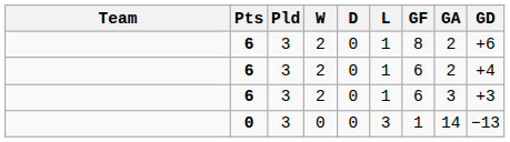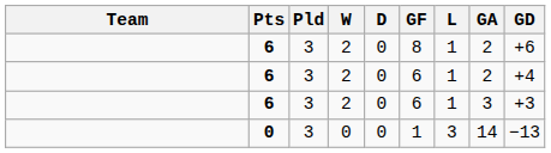 <table class="wikitable" style="text-align:center;">
 <tr>
 <th width=175>Team</th>
 <th width=20 abbr="Points">Pts</th>
 <th width=20 abbr="Played">Pld</th>
 <th width=20 abbr="Won">W</th>
 <th width=20 abbr="Drawn">D</th>
+<th width=20 abbr="Goals for">GF</th>
 <th width=20 abbr="Lost">L</th>
-<th width=20 abbr="Goals for">GF</th>
 <th width=20 abbr="Goals against">GA</th>
 <th width=20 abbr="Goal difference">GD</th>
 </tr>
 <tr>
 <td style="text-align:left;"></td>
 <td><strong>6</strong></td>
 <td>3</td>
 <td>2</td>
 <td>0</td>
+<td>8</td>
 <td>1</td>
-<td>8</td>
 <td>2</td>
 <td>+6</td>
 </tr>
 <tr>
 <td style="text-align:left;"></td>
 <td><strong>6</strong></td>
 <td>3</td>
 <td>2</td>
 <td>0</td>
+<td>6</td>
 <td>1</td>
-<td>6</td>
 <td>2</td>
 <td>+4</td>
 </tr>
 <tr>
 <td style="text-align:left;"></td>
 <td><strong>6</strong></td>
 <td>3</td>
 <td>2</td>
 <td>0</td>
+<td>6</td>
 <td>1</td>
-<td>6</td>
 <td>3</td>
 <td>+3</td>
 </tr>
 <tr>
 <td style="text-align:left;"></td>
 <td><strong>0</strong></td>
 <td>3</td>
 <td>0</td>
 <td>0</td>
+<td>1</td>
 <td>3</td>
-<td>1</td>
 <td>14</td>
 <td>−13</td>
 </tr>
 </table>
